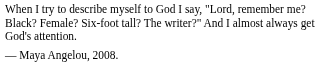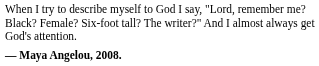 <table class="toccolours" style="float: right; margin-left: 1em; margin-right: 2em; font-size: 85%; color:black; width:28em; max-width: 40%;" cellspacing="5">
 <tr>
 <td style="text-align: left;">When I try to describe myself to God I say, "Lord, remember me? Black? Female? Six-foot tall? The writer?" And I almost always get God's attention.</td>
 </tr>
 <tr>
-<td style="text-align: left;">— Maya Angelou, 2008.</td>
+<td style="text-align: left;"><strong>— Maya Angelou, 2008.</strong></td>
 </tr>
 </table>
